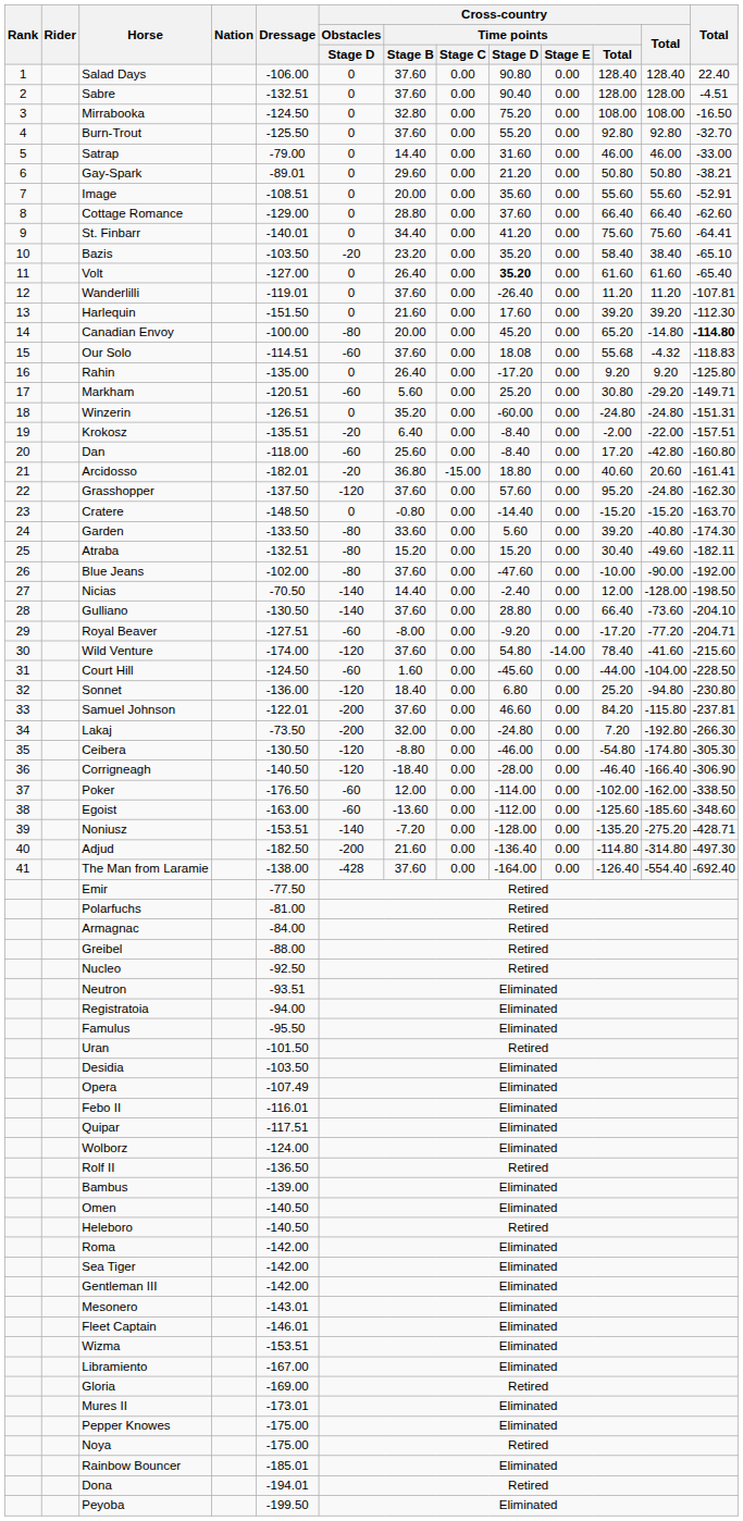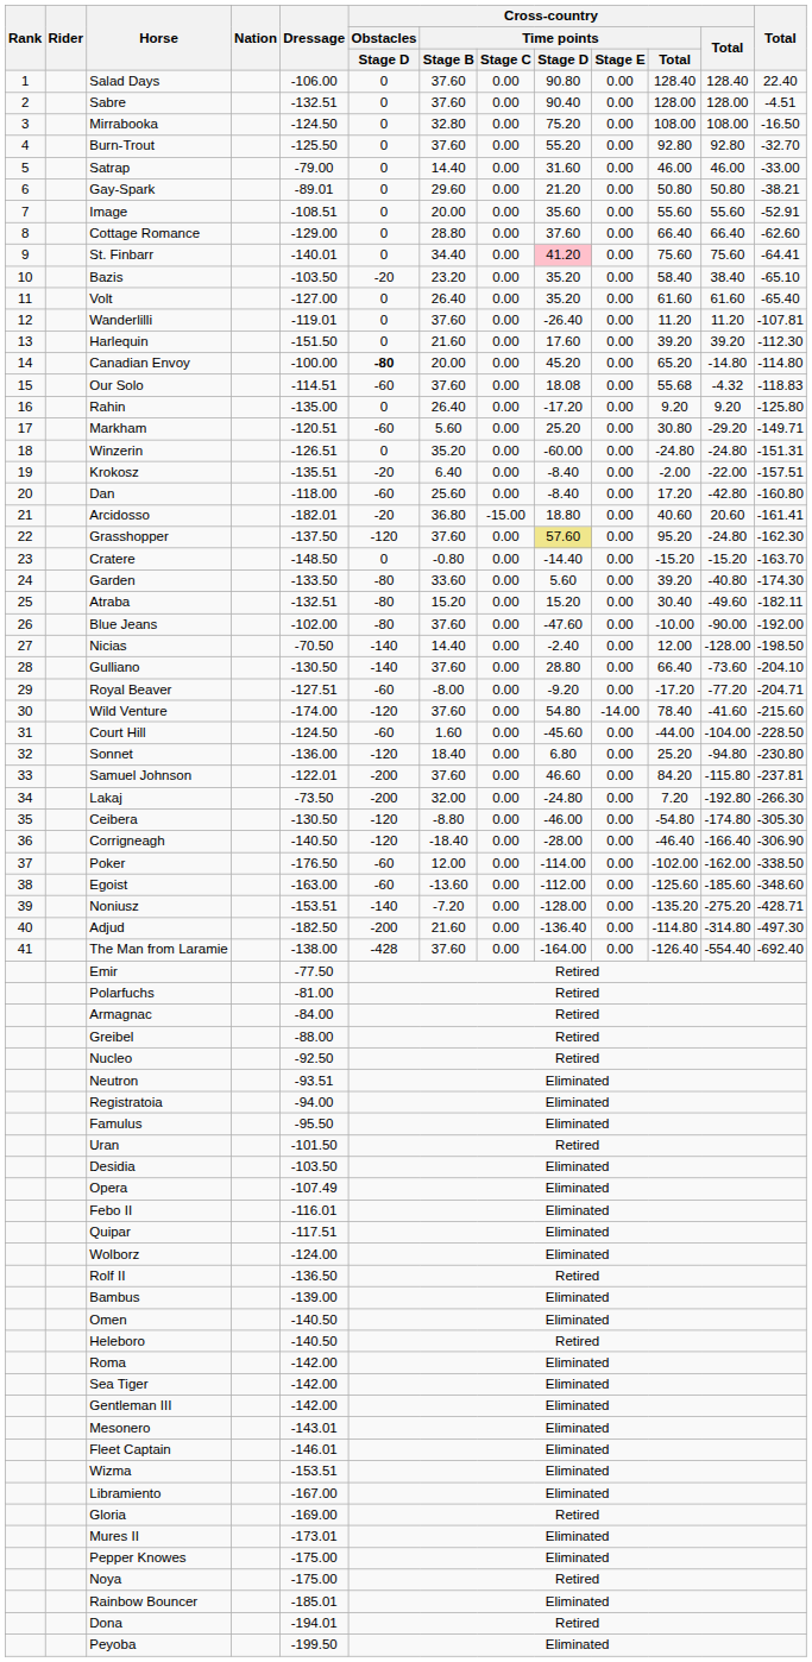 <table class="wikitable sortable" style="text-align:center">
 <tr>
 <th rowspan=3>Rank</th>
 <th rowspan=3>Rider</th>
 <th rowspan=3>Horse</th>
 <th rowspan=3>Nation</th>
 <th rowspan=3>Dressage</th>
 <th colspan=7>Cross-country</th>
 <th rowspan=3>Total</th>
 </tr>
 <tr>
 <th>Obstacles</th>
 <th colspan=5>Time points</th>
 <th rowspan=2>Total</th>
 </tr>
 <tr>
 <th>Stage D</th>
 <th>Stage B</th>
 <th>Stage C</th>
 <th>Stage D</th>
 <th>Stage E</th>
 <th>Total</th>
 </tr>
 <tr>
 <td>1</td>
 <td align=left></td>
 <td align=left>Salad Days</td>
 <td align=left></td>
 <td>-106.00</td>
 <td>0</td>
 <td>37.60</td>
 <td>0.00</td>
 <td>90.80</td>
 <td>0.00</td>
 <td>128.40</td>
 <td>128.40</td>
 <td>22.40</td>
 </tr>
 <tr>
 <td>2</td>
 <td align=left></td>
 <td align=left>Sabre</td>
 <td align=left></td>
 <td>-132.51</td>
 <td>0</td>
 <td>37.60</td>
 <td>0.00</td>
 <td>90.40</td>
 <td>0.00</td>
 <td>128.00</td>
 <td>128.00</td>
 <td>-4.51</td>
 </tr>
 <tr>
 <td>3</td>
 <td align=left></td>
 <td align=left>Mirrabooka</td>
 <td align=left></td>
 <td>-124.50</td>
 <td>0</td>
 <td>32.80</td>
 <td>0.00</td>
 <td>75.20</td>
 <td>0.00</td>
 <td>108.00</td>
 <td>108.00</td>
 <td>-16.50</td>
 </tr>
 <tr>
 <td>4</td>
 <td align=left></td>
 <td align=left>Burn-Trout</td>
 <td align=left></td>
 <td>-125.50</td>
 <td>0</td>
 <td>37.60</td>
 <td>0.00</td>
 <td>55.20</td>
 <td>0.00</td>
 <td>92.80</td>
 <td>92.80</td>
 <td>-32.70</td>
 </tr>
 <tr>
 <td>5</td>
 <td align=left></td>
 <td align=left>Satrap</td>
 <td align=left></td>
 <td>-79.00</td>
 <td>0</td>
 <td>14.40</td>
 <td>0.00</td>
 <td>31.60</td>
 <td>0.00</td>
 <td>46.00</td>
 <td>46.00</td>
 <td>-33.00</td>
 </tr>
 <tr>
 <td>6</td>
 <td align=left></td>
 <td align=left>Gay-Spark</td>
 <td align=left></td>
 <td>-89.01</td>
 <td>0</td>
 <td>29.60</td>
 <td>0.00</td>
 <td>21.20</td>
 <td>0.00</td>
 <td>50.80</td>
 <td>50.80</td>
 <td>-38.21</td>
 </tr>
 <tr>
 <td>7</td>
 <td align=left></td>
 <td align=left>Image</td>
 <td align=left></td>
 <td>-108.51</td>
 <td>0</td>
 <td>20.00</td>
 <td>0.00</td>
 <td>35.60</td>
 <td>0.00</td>
 <td>55.60</td>
 <td>55.60</td>
 <td>-52.91</td>
 </tr>
 <tr>
 <td>8</td>
 <td align=left></td>
 <td align=left>Cottage Romance</td>
 <td align=left></td>
 <td>-129.00</td>
 <td>0</td>
 <td>28.80</td>
 <td>0.00</td>
 <td>37.60</td>
 <td>0.00</td>
 <td>66.40</td>
 <td>66.40</td>
 <td>-62.60</td>
 </tr>
 <tr>
 <td>9</td>
 <td align=left></td>
 <td align=left>St. Finbarr</td>
 <td align=left></td>
 <td>-140.01</td>
 <td>0</td>
 <td>34.40</td>
 <td>0.00</td>
-<td>41.20</td>
+<td style="background: pink;">41.20</td>
 <td>0.00</td>
 <td>75.60</td>
 <td>75.60</td>
 <td>-64.41</td>
 </tr>
 <tr>
 <td>10</td>
 <td align=left></td>
 <td align=left>Bazis</td>
 <td align=left></td>
 <td>-103.50</td>
 <td>-20</td>
 <td>23.20</td>
 <td>0.00</td>
 <td>35.20</td>
 <td>0.00</td>
 <td>58.40</td>
 <td>38.40</td>
 <td>-65.10</td>
 </tr>
 <tr>
 <td>11</td>
 <td align=left></td>
 <td align=left>Volt</td>
 <td align=left></td>
 <td>-127.00</td>
 <td>0</td>
 <td>26.40</td>
 <td>0.00</td>
-<td><strong>35.20</strong></td>
+<td>35.20</td>
 <td>0.00</td>
 <td>61.60</td>
 <td>61.60</td>
 <td>-65.40</td>
 </tr>
 <tr>
 <td>12</td>
 <td align=left></td>
 <td align=left>Wanderlilli</td>
 <td align=left></td>
 <td>-119.01</td>
 <td>0</td>
 <td>37.60</td>
 <td>0.00</td>
 <td>-26.40</td>
 <td>0.00</td>
 <td>11.20</td>
 <td>11.20</td>
 <td>-107.81</td>
 </tr>
 <tr>
 <td>13</td>
 <td align=left></td>
 <td align=left>Harlequin</td>
 <td align=left></td>
 <td>-151.50</td>
 <td>0</td>
 <td>21.60</td>
 <td>0.00</td>
 <td>17.60</td>
 <td>0.00</td>
 <td>39.20</td>
 <td>39.20</td>
 <td>-112.30</td>
 </tr>
 <tr>
 <td>14</td>
 <td align=left></td>
 <td align=left>Canadian Envoy</td>
 <td align=left></td>
 <td>-100.00</td>
-<td>-80</td>
+<td><strong>-80</strong></td>
 <td>20.00</td>
 <td>0.00</td>
 <td>45.20</td>
 <td>0.00</td>
 <td>65.20</td>
 <td>-14.80</td>
-<td><strong>-114.80</strong></td>
+<td>-114.80</td>
 </tr>
 <tr>
 <td>15</td>
 <td align=left></td>
 <td align=left>Our Solo</td>
 <td align=left></td>
 <td>-114.51</td>
 <td>-60</td>
 <td>37.60</td>
 <td>0.00</td>
 <td>18.08</td>
 <td>0.00</td>
 <td>55.68</td>
 <td>-4.32</td>
 <td>-118.83</td>
 </tr>
 <tr>
 <td>16</td>
 <td align=left></td>
 <td align=left>Rahin</td>
 <td align=left></td>
 <td>-135.00</td>
 <td>0</td>
 <td>26.40</td>
 <td>0.00</td>
 <td>-17.20</td>
 <td>0.00</td>
 <td>9.20</td>
 <td>9.20</td>
 <td>-125.80</td>
 </tr>
 <tr>
 <td>17</td>
 <td align=left></td>
 <td align=left>Markham</td>
 <td align=left></td>
 <td>-120.51</td>
 <td>-60</td>
 <td>5.60</td>
 <td>0.00</td>
 <td>25.20</td>
 <td>0.00</td>
 <td>30.80</td>
 <td>-29.20</td>
 <td>-149.71</td>
 </tr>
 <tr>
 <td>18</td>
 <td align=left></td>
 <td align=left>Winzerin</td>
 <td align=left></td>
 <td>-126.51</td>
 <td>0</td>
 <td>35.20</td>
 <td>0.00</td>
 <td>-60.00</td>
 <td>0.00</td>
 <td>-24.80</td>
 <td>-24.80</td>
 <td>-151.31</td>
 </tr>
 <tr>
 <td>19</td>
 <td align=left></td>
 <td align=left>Krokosz</td>
 <td align=left></td>
 <td>-135.51</td>
 <td>-20</td>
 <td>6.40</td>
 <td>0.00</td>
 <td>-8.40</td>
 <td>0.00</td>
 <td>-2.00</td>
 <td>-22.00</td>
 <td>-157.51</td>
 </tr>
 <tr>
 <td>20</td>
 <td align=left></td>
 <td align=left>Dan</td>
 <td align=left></td>
 <td>-118.00</td>
 <td>-60</td>
 <td>25.60</td>
 <td>0.00</td>
 <td>-8.40</td>
 <td>0.00</td>
 <td>17.20</td>
 <td>-42.80</td>
 <td>-160.80</td>
 </tr>
 <tr>
 <td>21</td>
 <td align=left></td>
 <td align=left>Arcidosso</td>
 <td align=left></td>
 <td>-182.01</td>
 <td>-20</td>
 <td>36.80</td>
 <td>-15.00</td>
 <td>18.80</td>
 <td>0.00</td>
 <td>40.60</td>
 <td>20.60</td>
 <td>-161.41</td>
 </tr>
 <tr>
 <td>22</td>
 <td align=left></td>
 <td align=left>Grasshopper</td>
 <td align=left></td>
 <td>-137.50</td>
 <td>-120</td>
 <td>37.60</td>
 <td>0.00</td>
-<td>57.60</td>
+<td style="background: khaki;">57.60</td>
 <td>0.00</td>
 <td>95.20</td>
 <td>-24.80</td>
 <td>-162.30</td>
 </tr>
 <tr>
 <td>23</td>
 <td align=left></td>
 <td align=left>Cratere</td>
 <td align=left></td>
 <td>-148.50</td>
 <td>0</td>
 <td>-0.80</td>
 <td>0.00</td>
 <td>-14.40</td>
 <td>0.00</td>
 <td>-15.20</td>
 <td>-15.20</td>
 <td>-163.70</td>
 </tr>
 <tr>
 <td>24</td>
 <td align=left></td>
 <td align=left>Garden</td>
 <td align=left></td>
 <td>-133.50</td>
 <td>-80</td>
 <td>33.60</td>
 <td>0.00</td>
 <td>5.60</td>
 <td>0.00</td>
 <td>39.20</td>
 <td>-40.80</td>
 <td>-174.30</td>
 </tr>
 <tr>
 <td>25</td>
 <td align=left></td>
 <td align=left>Atraba</td>
 <td align=left></td>
 <td>-132.51</td>
 <td>-80</td>
 <td>15.20</td>
 <td>0.00</td>
 <td>15.20</td>
 <td>0.00</td>
 <td>30.40</td>
 <td>-49.60</td>
 <td>-182.11</td>
 </tr>
 <tr>
 <td>26</td>
 <td align=left></td>
 <td align=left>Blue Jeans</td>
 <td align=left></td>
 <td>-102.00</td>
 <td>-80</td>
 <td>37.60</td>
 <td>0.00</td>
 <td>-47.60</td>
 <td>0.00</td>
 <td>-10.00</td>
 <td>-90.00</td>
 <td>-192.00</td>
 </tr>
 <tr>
 <td>27</td>
 <td align=left></td>
 <td align=left>Nicias</td>
 <td align=left></td>
 <td>-70.50</td>
 <td>-140</td>
 <td>14.40</td>
 <td>0.00</td>
 <td>-2.40</td>
 <td>0.00</td>
 <td>12.00</td>
 <td>-128.00</td>
 <td>-198.50</td>
 </tr>
 <tr>
 <td>28</td>
 <td align=left></td>
 <td align=left>Gulliano</td>
 <td align=left></td>
 <td>-130.50</td>
 <td>-140</td>
 <td>37.60</td>
 <td>0.00</td>
 <td>28.80</td>
 <td>0.00</td>
 <td>66.40</td>
 <td>-73.60</td>
 <td>-204.10</td>
 </tr>
 <tr>
 <td>29</td>
 <td align=left></td>
 <td align=left>Royal Beaver</td>
 <td align=left></td>
 <td>-127.51</td>
 <td>-60</td>
 <td>-8.00</td>
 <td>0.00</td>
 <td>-9.20</td>
 <td>0.00</td>
 <td>-17.20</td>
 <td>-77.20</td>
 <td>-204.71</td>
 </tr>
 <tr>
 <td>30</td>
 <td align=left></td>
 <td align=left>Wild Venture</td>
 <td align=left></td>
 <td>-174.00</td>
 <td>-120</td>
 <td>37.60</td>
 <td>0.00</td>
 <td>54.80</td>
 <td>-14.00</td>
 <td>78.40</td>
 <td>-41.60</td>
 <td>-215.60</td>
 </tr>
 <tr>
 <td>31</td>
 <td align=left></td>
 <td align=left>Court Hill</td>
 <td align=left></td>
 <td>-124.50</td>
 <td>-60</td>
 <td>1.60</td>
 <td>0.00</td>
 <td>-45.60</td>
 <td>0.00</td>
 <td>-44.00</td>
 <td>-104.00</td>
 <td>-228.50</td>
 </tr>
 <tr>
 <td>32</td>
 <td align=left></td>
 <td align=left>Sonnet</td>
 <td align=left></td>
 <td>-136.00</td>
 <td>-120</td>
 <td>18.40</td>
 <td>0.00</td>
 <td>6.80</td>
 <td>0.00</td>
 <td>25.20</td>
 <td>-94.80</td>
 <td>-230.80</td>
 </tr>
 <tr>
 <td>33</td>
 <td align=left></td>
 <td align=left>Samuel Johnson</td>
 <td align=left></td>
 <td>-122.01</td>
 <td>-200</td>
 <td>37.60</td>
 <td>0.00</td>
 <td>46.60</td>
 <td>0.00</td>
 <td>84.20</td>
 <td>-115.80</td>
 <td>-237.81</td>
 </tr>
 <tr>
 <td>34</td>
 <td align=left></td>
 <td align=left>Lakaj</td>
 <td align=left></td>
 <td>-73.50</td>
 <td>-200</td>
 <td>32.00</td>
 <td>0.00</td>
 <td>-24.80</td>
 <td>0.00</td>
 <td>7.20</td>
 <td>-192.80</td>
 <td>-266.30</td>
 </tr>
 <tr>
 <td>35</td>
 <td align=left></td>
 <td align=left>Ceibera</td>
 <td align=left></td>
 <td>-130.50</td>
 <td>-120</td>
 <td>-8.80</td>
 <td>0.00</td>
 <td>-46.00</td>
 <td>0.00</td>
 <td>-54.80</td>
 <td>-174.80</td>
 <td>-305.30</td>
 </tr>
 <tr>
 <td>36</td>
 <td align=left></td>
 <td align=left>Corrigneagh</td>
 <td align=left></td>
 <td>-140.50</td>
 <td>-120</td>
 <td>-18.40</td>
 <td>0.00</td>
 <td>-28.00</td>
 <td>0.00</td>
 <td>-46.40</td>
 <td>-166.40</td>
 <td>-306.90</td>
 </tr>
 <tr>
 <td>37</td>
 <td align=left></td>
 <td align=left>Poker</td>
 <td align=left></td>
 <td>-176.50</td>
 <td>-60</td>
 <td>12.00</td>
 <td>0.00</td>
 <td>-114.00</td>
 <td>0.00</td>
 <td>-102.00</td>
 <td>-162.00</td>
 <td>-338.50</td>
 </tr>
 <tr>
 <td>38</td>
 <td align=left></td>
 <td align=left>Egoist</td>
 <td align=left></td>
 <td>-163.00</td>
 <td>-60</td>
 <td>-13.60</td>
 <td>0.00</td>
 <td>-112.00</td>
 <td>0.00</td>
 <td>-125.60</td>
 <td>-185.60</td>
 <td>-348.60</td>
 </tr>
 <tr>
 <td>39</td>
 <td align=left></td>
 <td align=left>Noniusz</td>
 <td align=left></td>
 <td>-153.51</td>
 <td>-140</td>
 <td>-7.20</td>
 <td>0.00</td>
 <td>-128.00</td>
 <td>0.00</td>
 <td>-135.20</td>
 <td>-275.20</td>
 <td>-428.71</td>
 </tr>
 <tr>
 <td>40</td>
 <td align=left></td>
 <td align=left>Adjud</td>
 <td align=left></td>
 <td>-182.50</td>
 <td>-200</td>
 <td>21.60</td>
 <td>0.00</td>
 <td>-136.40</td>
 <td>0.00</td>
 <td>-114.80</td>
 <td>-314.80</td>
 <td>-497.30</td>
 </tr>
 <tr>
 <td>41</td>
 <td align=left></td>
 <td align=left>The Man from Laramie</td>
 <td align=left></td>
 <td>-138.00</td>
 <td>-428</td>
 <td>37.60</td>
 <td>0.00</td>
 <td>-164.00</td>
 <td>0.00</td>
 <td>-126.40</td>
 <td>-554.40</td>
 <td>-692.40</td>
 </tr>
 <tr>
 <td></td>
 <td align=left></td>
 <td align=left>Emir</td>
 <td align=left></td>
 <td>-77.50</td>
 <td colspan=8>Retired</td>
 </tr>
 <tr>
 <td></td>
 <td align=left></td>
 <td align=left>Polarfuchs</td>
 <td align=left></td>
 <td>-81.00</td>
 <td colspan=8>Retired</td>
 </tr>
 <tr>
 <td></td>
 <td align=left></td>
 <td align=left>Armagnac</td>
 <td align=left></td>
 <td>-84.00</td>
 <td colspan=8>Retired</td>
 </tr>
 <tr>
 <td></td>
 <td align=left></td>
 <td align=left>Greibel</td>
 <td align=left></td>
 <td>-88.00</td>
 <td colspan=8>Retired</td>
 </tr>
 <tr>
 <td></td>
 <td align=left></td>
 <td align=left>Nucleo</td>
 <td align=left></td>
 <td>-92.50</td>
 <td colspan=8>Retired</td>
 </tr>
 <tr>
 <td></td>
 <td align=left></td>
 <td align=left>Neutron</td>
 <td align=left></td>
 <td>-93.51</td>
 <td colspan=8>Eliminated</td>
 </tr>
 <tr>
 <td></td>
 <td align=left></td>
 <td align=left>Registratoia</td>
 <td align=left></td>
 <td>-94.00</td>
 <td colspan=8>Eliminated</td>
 </tr>
 <tr>
 <td></td>
 <td align=left></td>
 <td align=left>Famulus</td>
 <td align=left></td>
 <td>-95.50</td>
 <td colspan=8>Eliminated</td>
 </tr>
 <tr>
 <td></td>
 <td align=left></td>
 <td align=left>Uran</td>
 <td align=left></td>
 <td>-101.50</td>
 <td colspan=8>Retired</td>
 </tr>
 <tr>
 <td></td>
 <td align=left></td>
 <td align=left>Desidia</td>
 <td align=left></td>
 <td>-103.50</td>
 <td colspan=8>Eliminated</td>
 </tr>
 <tr>
 <td></td>
 <td align=left></td>
 <td align=left>Opera</td>
 <td align=left></td>
 <td>-107.49</td>
 <td colspan=8>Eliminated</td>
 </tr>
 <tr>
 <td></td>
 <td align=left></td>
 <td align=left>Febo II</td>
 <td align=left></td>
 <td>-116.01</td>
 <td colspan=8>Eliminated</td>
 </tr>
 <tr>
 <td></td>
 <td align=left></td>
 <td align=left>Quipar</td>
 <td align=left></td>
 <td>-117.51</td>
 <td colspan=8>Eliminated</td>
 </tr>
 <tr>
 <td></td>
 <td align=left></td>
 <td align=left>Wolborz</td>
 <td align=left></td>
 <td>-124.00</td>
 <td colspan=8>Eliminated</td>
 </tr>
 <tr>
 <td></td>
 <td align=left></td>
 <td align=left>Rolf II</td>
 <td align=left></td>
 <td>-136.50</td>
 <td colspan=8>Retired</td>
 </tr>
 <tr>
 <td></td>
 <td align=left></td>
 <td align=left>Bambus</td>
 <td align=left></td>
 <td>-139.00</td>
 <td colspan=8>Eliminated</td>
 </tr>
 <tr>
 <td></td>
 <td align=left></td>
 <td align=left>Omen</td>
 <td align=left></td>
 <td>-140.50</td>
 <td colspan=8>Eliminated</td>
 </tr>
 <tr>
 <td></td>
 <td align=left></td>
 <td align=left>Heleboro</td>
 <td align=left></td>
 <td>-140.50</td>
 <td colspan=8>Retired</td>
 </tr>
 <tr>
 <td></td>
 <td align=left></td>
 <td align=left>Roma</td>
 <td align=left></td>
 <td>-142.00</td>
 <td colspan=8>Eliminated</td>
 </tr>
 <tr>
 <td></td>
 <td align=left></td>
 <td align=left>Sea Tiger</td>
 <td align=left></td>
 <td>-142.00</td>
 <td colspan=8>Eliminated</td>
 </tr>
 <tr>
 <td></td>
 <td align=left></td>
 <td align=left>Gentleman III</td>
 <td align=left></td>
 <td>-142.00</td>
 <td colspan=8>Eliminated</td>
 </tr>
 <tr>
 <td></td>
 <td align=left></td>
 <td align=left>Mesonero</td>
 <td align=left></td>
 <td>-143.01</td>
 <td colspan=8>Eliminated</td>
 </tr>
 <tr>
 <td></td>
 <td align=left></td>
 <td align=left>Fleet Captain</td>
 <td align=left></td>
 <td>-146.01</td>
 <td colspan=8>Eliminated</td>
 </tr>
 <tr>
 <td></td>
 <td align=left></td>
 <td align=left>Wizma</td>
 <td align=left></td>
 <td>-153.51</td>
 <td colspan=8>Eliminated</td>
 </tr>
 <tr>
 <td></td>
 <td align=left></td>
 <td align=left>Libramiento</td>
 <td align=left></td>
 <td>-167.00</td>
 <td colspan=8>Eliminated</td>
 </tr>
 <tr>
 <td></td>
 <td align=left></td>
 <td align=left>Gloria</td>
 <td align=left></td>
 <td>-169.00</td>
 <td colspan=8>Retired</td>
 </tr>
 <tr>
 <td></td>
 <td align=left></td>
 <td align=left>Mures II</td>
 <td align=left></td>
 <td>-173.01</td>
 <td colspan=8>Eliminated</td>
 </tr>
 <tr>
 <td></td>
 <td align=left></td>
 <td align=left>Pepper Knowes</td>
 <td align=left></td>
 <td>-175.00</td>
 <td colspan=8>Eliminated</td>
 </tr>
 <tr>
 <td></td>
 <td align=left></td>
 <td align=left>Noya</td>
 <td align=left></td>
 <td>-175.00</td>
 <td colspan=8>Retired</td>
 </tr>
 <tr>
 <td></td>
 <td align=left></td>
 <td align=left>Rainbow Bouncer</td>
 <td align=left></td>
 <td>-185.01</td>
 <td colspan=8>Eliminated</td>
 </tr>
 <tr>
 <td></td>
 <td align=left></td>
 <td align=left>Dona</td>
 <td align=left></td>
 <td>-194.01</td>
 <td colspan=8>Retired</td>
 </tr>
 <tr>
 <td></td>
 <td align=left></td>
 <td align=left>Peyoba</td>
 <td align=left></td>
 <td>-199.50</td>
 <td colspan=8>Eliminated</td>
 </tr>
 </table>
